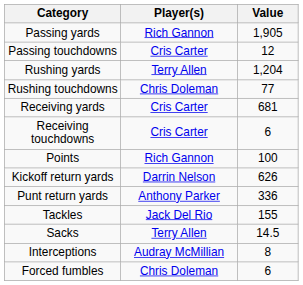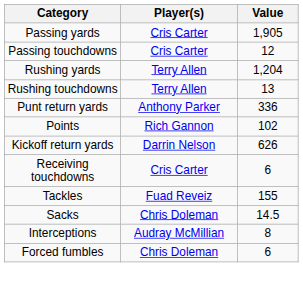 <table class="wikitable" style="text-align:center">
 <tr>
 <th width=150px>Category</th>
 <th width=150px>Player(s)</th>
 <th width=75px>Value</th>
 </tr>
 <tr>
 <td>Passing yards</td>
-<td><a href='#'>Rich Gannon</a></td>
+<td><a href='#'>Cris Carter</a></td>
 <td>1,905</td>
 </tr>
 <tr>
 <td>Passing touchdowns</td>
 <td><a href='#'>Cris Carter</a></td>
 <td>12</td>
 </tr>
 <tr>
 <td>Rushing yards</td>
 <td><a href='#'>Terry Allen</a></td>
 <td>1,204</td>
 </tr>
 <tr>
 <td>Rushing touchdowns</td>
-<td><a href='#'>Chris Doleman</a></td>
-<td>77</td>
+<td><a href='#'>Terry Allen</a></td>
+<td>13</td>
 </tr>
 <tr>
-<td>Receiving yards</td>
-<td><a href='#'>Cris Carter</a></td>
-<td>681</td>
+<td>Punt return yards</td>
+<td><a href='#'>Anthony Parker</a></td>
+<td>336</td>
+</tr>
+<tr>
+<td>Points</td>
+<td><a href='#'>Rich Gannon</a></td>
+<td>102</td>
+</tr>
+<tr>
+<td>Kickoff return yards</td>
+<td><a href='#'>Darrin Nelson</a></td>
+<td>626</td>
 </tr>
 <tr>
 <td>Receiving touchdowns</td>
 <td><a href='#'>Cris Carter</a></td>
 <td>6</td>
 </tr>
 <tr>
-<td>Points</td>
-<td><a href='#'>Rich Gannon</a></td>
-<td>100</td>
-</tr>
-<tr>
-<td>Kickoff return yards</td>
-<td><a href='#'>Darrin Nelson</a></td>
-<td>626</td>
-</tr>
-<tr>
-<td>Punt return yards</td>
-<td><a href='#'>Anthony Parker</a></td>
-<td>336</td>
-</tr>
-<tr>
 <td>Tackles</td>
-<td><a href='#'>Jack Del Rio</a></td>
+<td><a href='#'>Fuad Reveiz</a></td>
 <td>155</td>
 </tr>
 <tr>
 <td>Sacks</td>
-<td><a href='#'>Terry Allen</a></td>
+<td><a href='#'>Chris Doleman</a></td>
 <td>14.5</td>
 </tr>
 <tr>
 <td>Interceptions</td>
 <td><a href='#'>Audray McMillian</a></td>
 <td>8</td>
 </tr>
 <tr>
 <td>Forced fumbles</td>
 <td><a href='#'>Chris Doleman</a></td>
 <td>6</td>
 </tr>
 </table>
